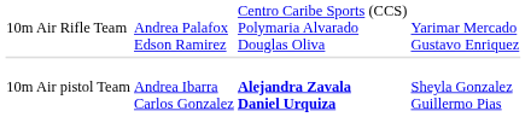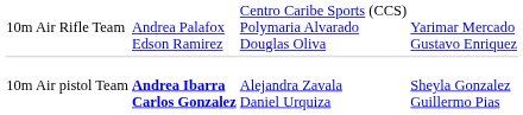 <table>
 <tr>
 <td>10m Air Rifle Team</td>
 <td><br><a href='#'>Andrea Palafox</a><br><a href='#'>Edson Ramirez</a></td>
 <td><a href='#'>Centro Caribe Sports</a> (CCS)<br><a href='#'>Polymaria Alvarado</a><br><a href='#'>Douglas Oliva</a></td>
 <td><br><a href='#'>Yarimar Mercado</a><br><a href='#'>Gustavo Enriquez</a></td>
 </tr>
 <tr bgcolor=#DDDDDD>
 <td colspan=7></td>
 </tr>
 <tr>
 <td>10m Air pistol Team</td>
-<td><br><a href='#'>Andrea Ibarra</a><br><a href='#'>Carlos Gonzalez</a></td>
-<td><strong><br><a href='#'>Alejandra Zavala</a><br><a href='#'>Daniel Urquiza</a></strong></td>
+<td><strong><br><a href='#'>Andrea Ibarra</a><br><a href='#'>Carlos Gonzalez</a></strong></td>
+<td><br><a href='#'>Alejandra Zavala</a><br><a href='#'>Daniel Urquiza</a></td>
 <td><br><a href='#'>Sheyla Gonzalez</a><br><a href='#'>Guillermo Pias</a></td>
 </tr>
 </table>
